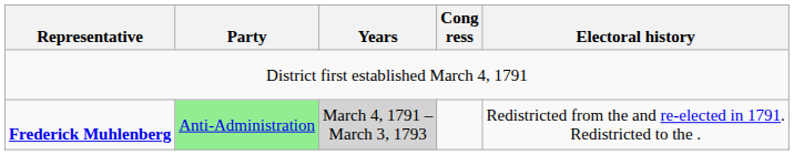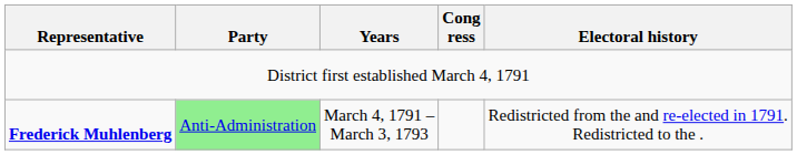 <table class=wikitable style="text-align:center">
 <tr valign=bottom>
 <th>Representative</th>
 <th>Party</th>
 <th>Years</th>
 <th>Cong<br>ress</th>
 <th>Electoral history</th>
 </tr>
 <tr style="height:3em">
 <td colspan=6>District first established March 4, 1791</td>
 </tr>
 <tr style="height:3em">
 <td align=left><br><strong><a href='#'>Frederick Muhlenberg</a></strong><br></td>
 <td style="background: lightgreen;"><a href='#'>Anti-Administration</a></td>
-<td nowrap style="background: lightgrey;">March 4, 1791 –<br>March 3, 1793</td>
+<td nowrap>March 4, 1791 –<br>March 3, 1793</td>
 <td></td>
 <td>Redistricted from the  and <a href='#'>re-elected in 1791</a>.<br>Redistricted to the .</td>
 </tr>
 </table>
